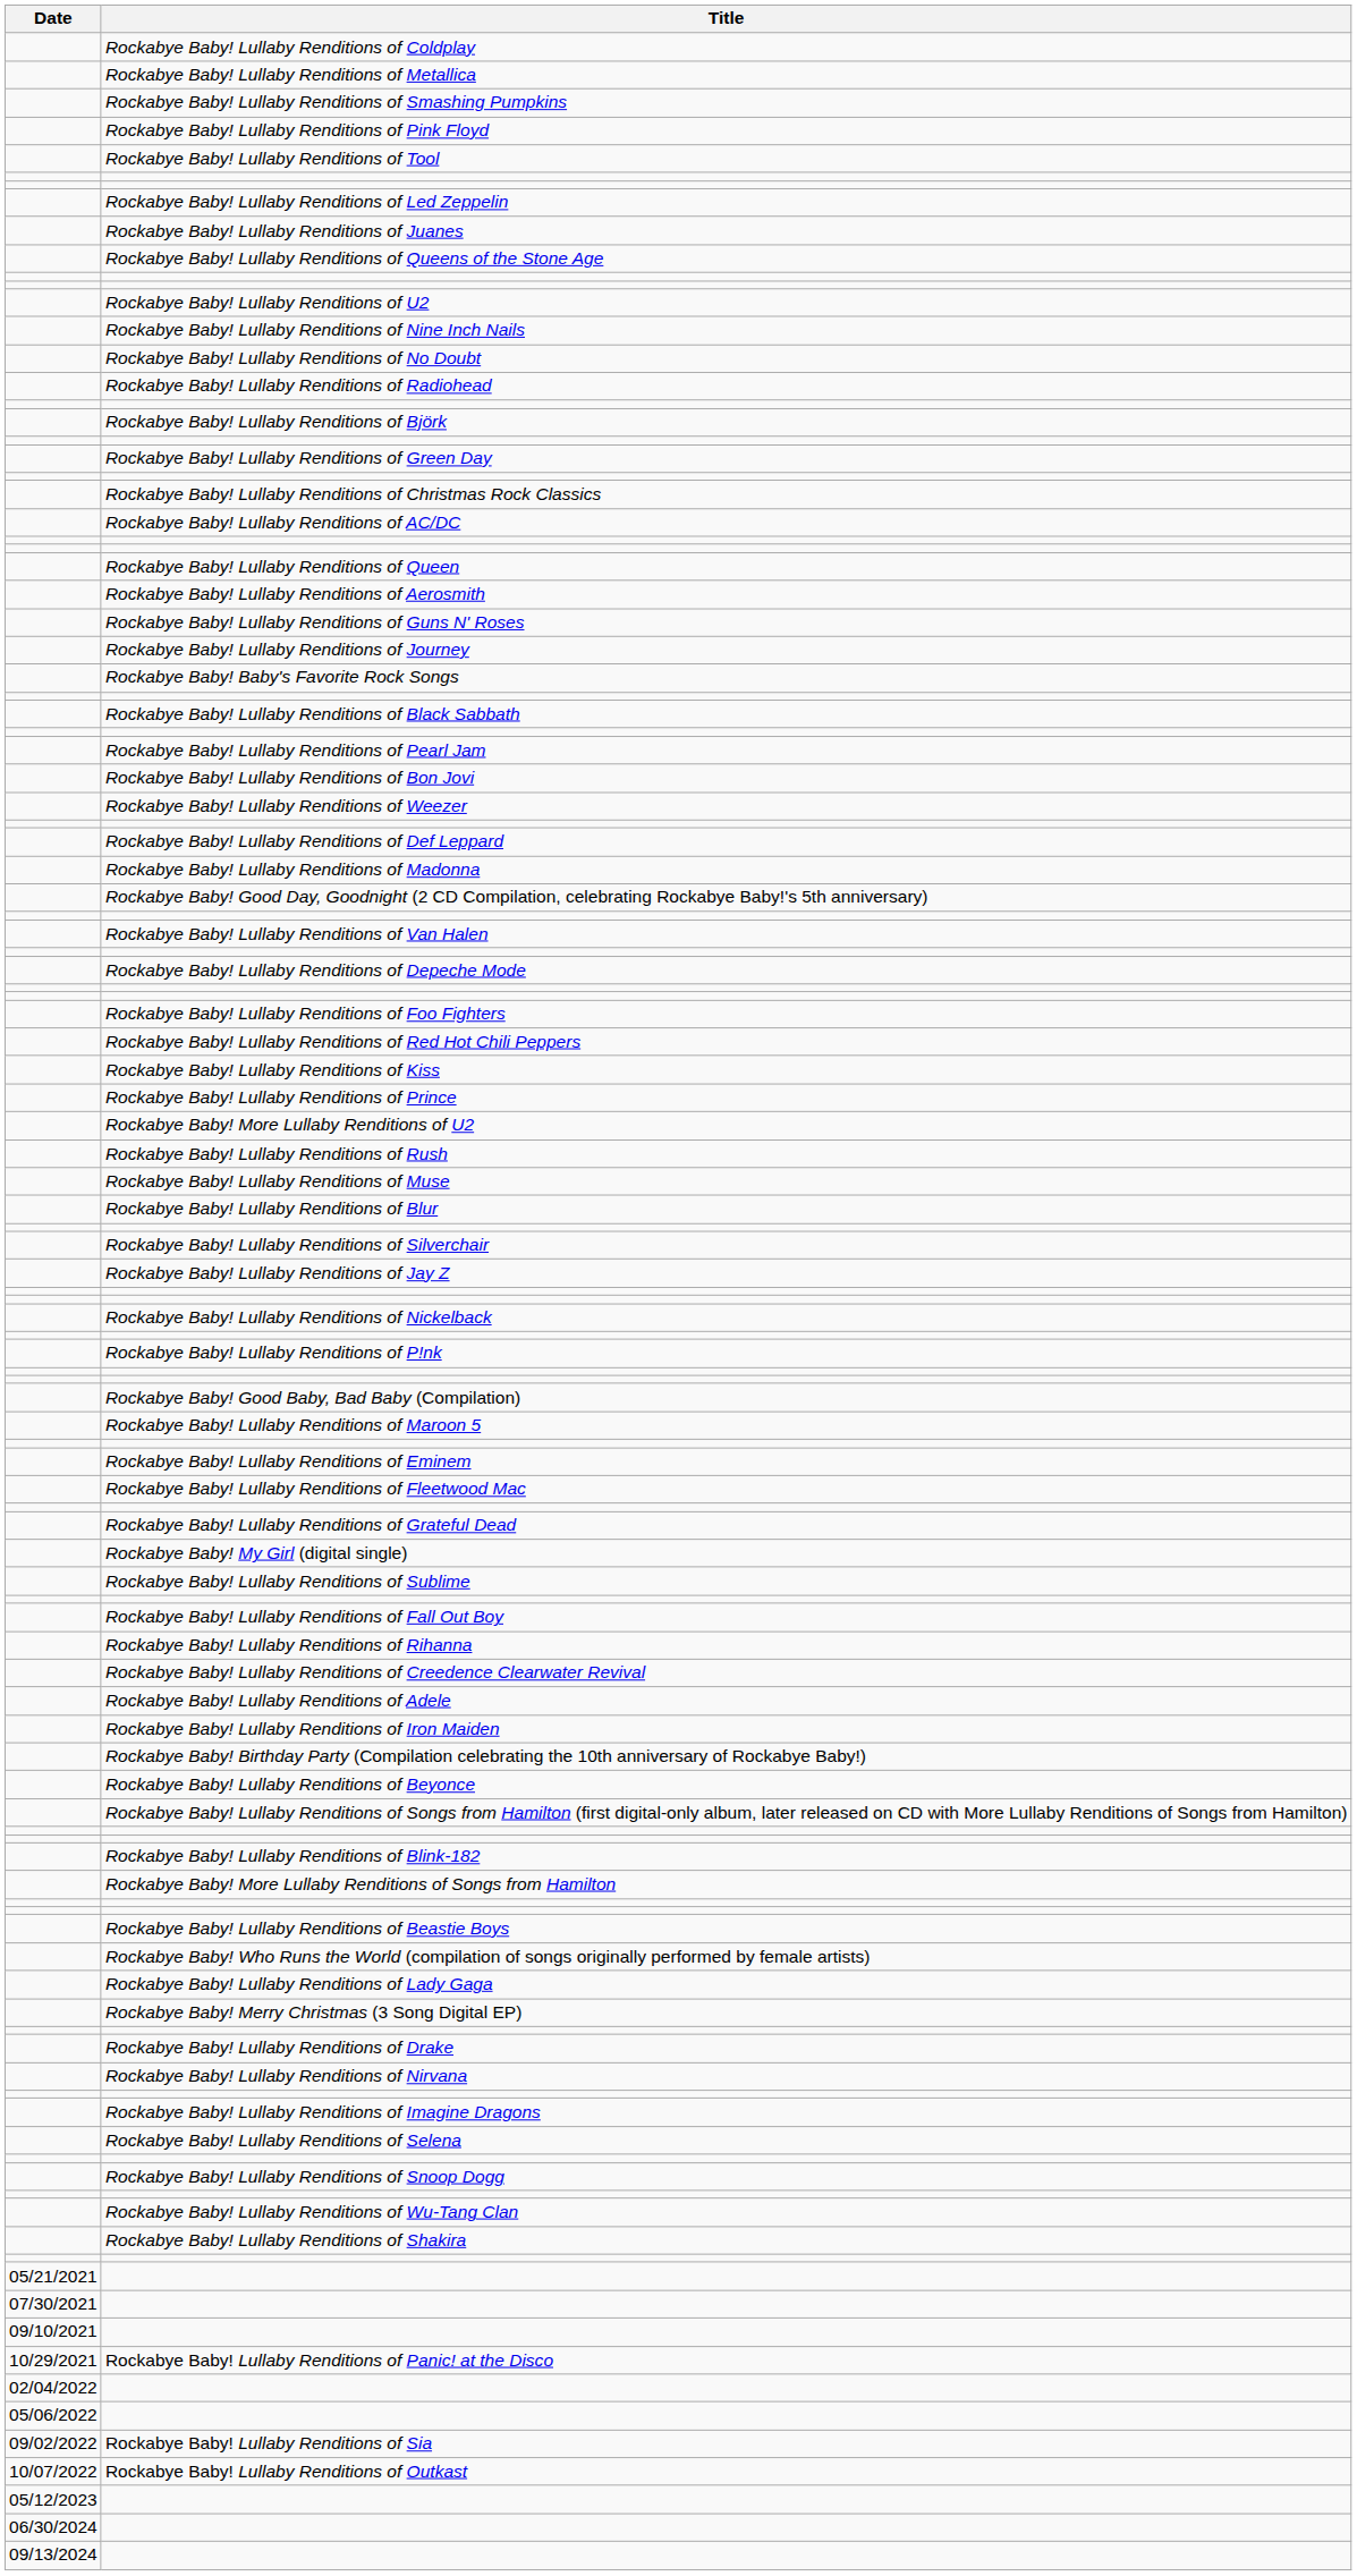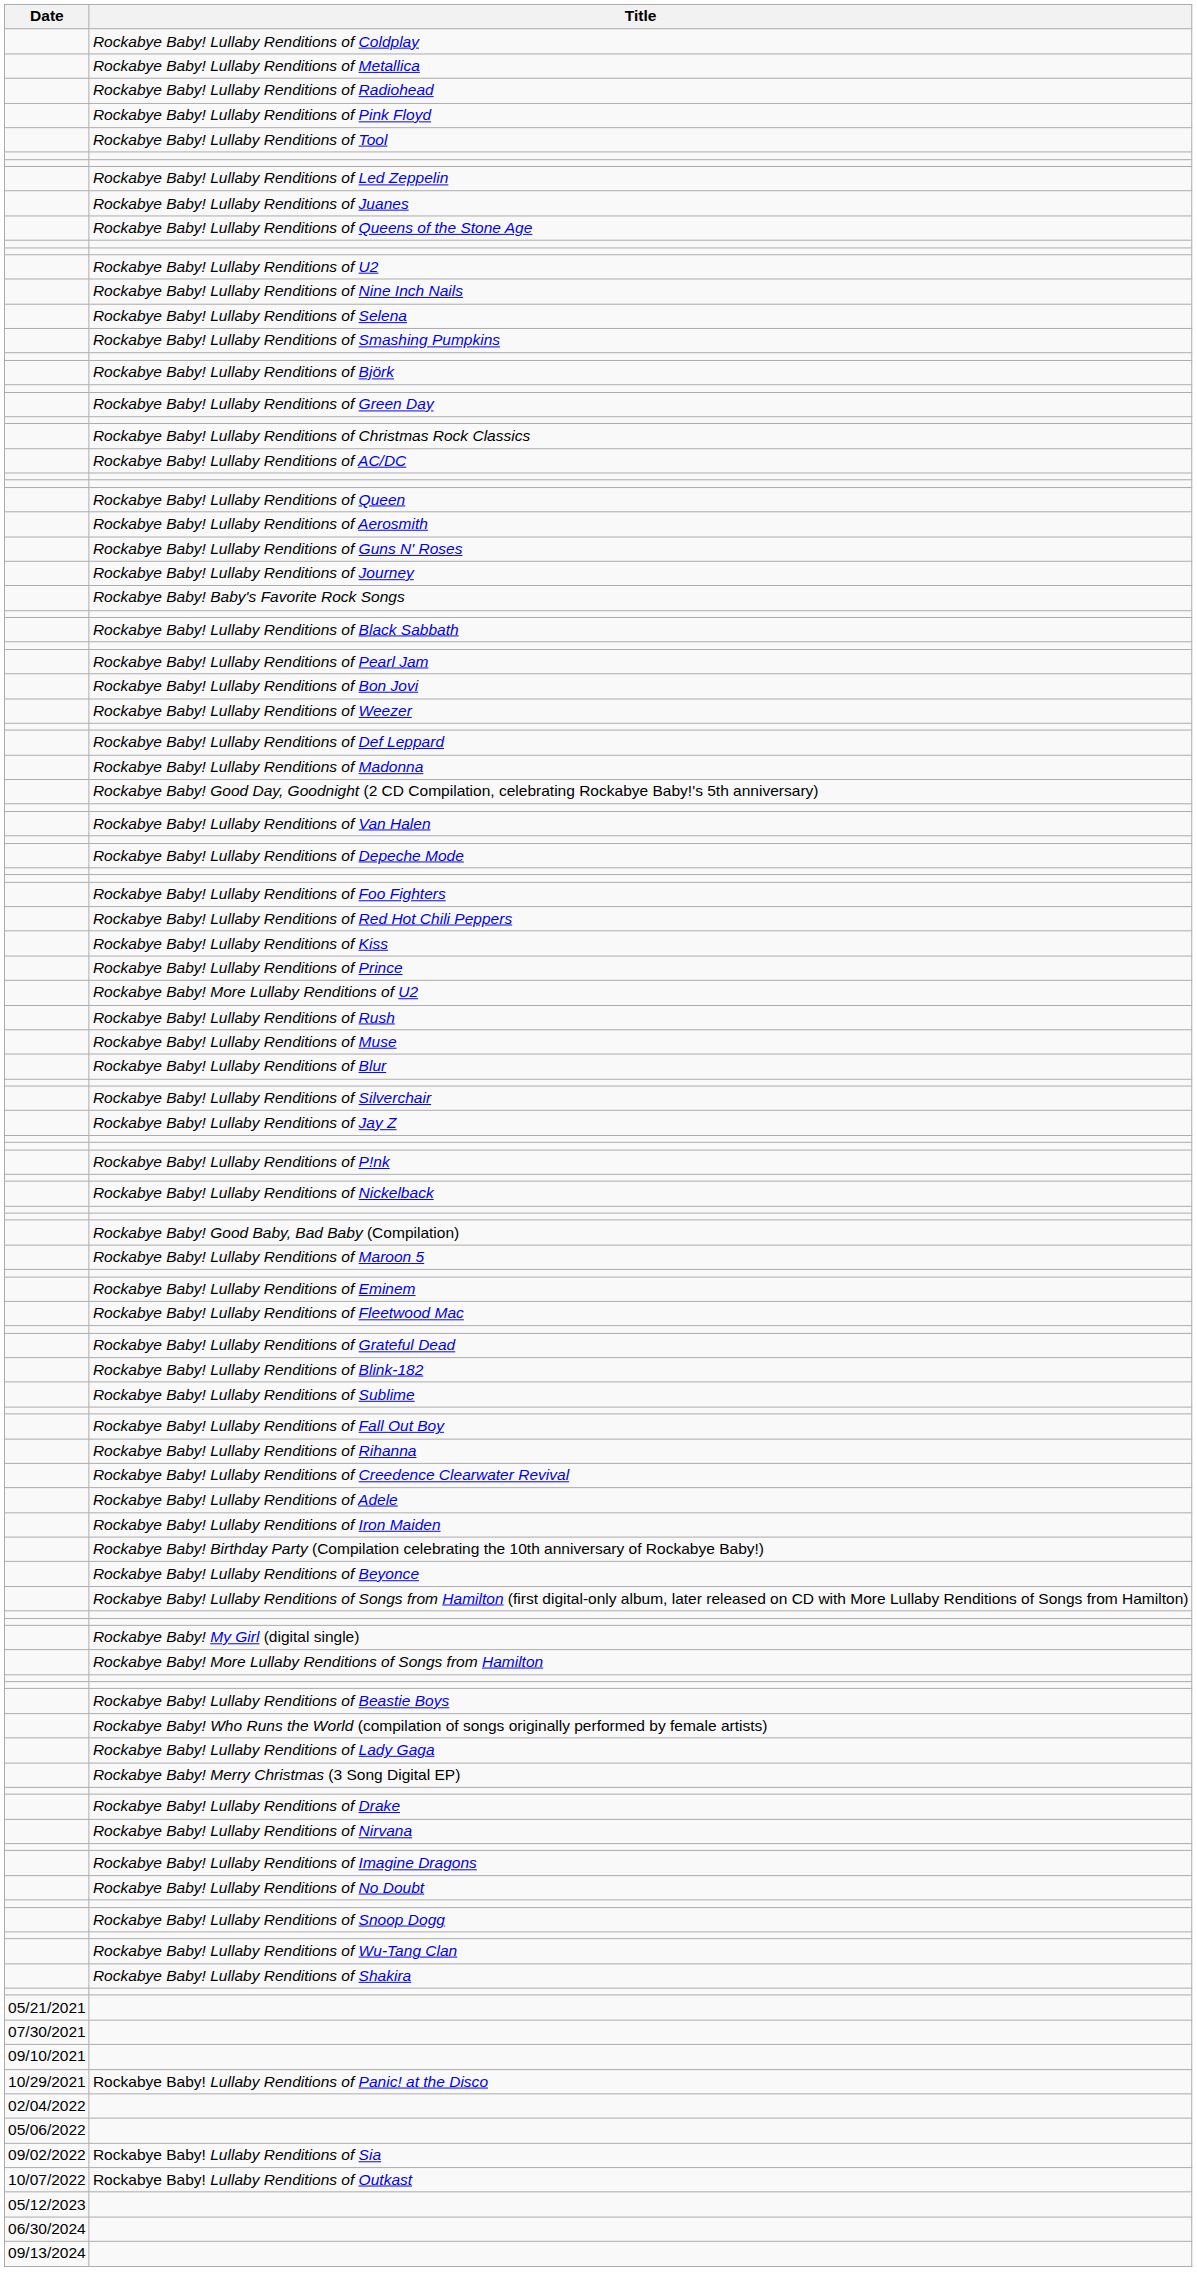 <table class="wikitable sortable">
 <tr>
 <th>Date</th>
 <th>Title</th>
 </tr>
 <tr>
 <td></td>
 <td><em>Rockabye Baby! Lullaby Renditions of <a href='#'>Coldplay</a></em></td>
 </tr>
 <tr>
 <td></td>
 <td><em>Rockabye Baby! Lullaby Renditions of <a href='#'>Metallica</a></em></td>
 </tr>
 <tr>
 <td></td>
-<td><em>Rockabye Baby! Lullaby Renditions of <a href='#'>Smashing Pumpkins</a></em></td>
+<td><em>Rockabye Baby! Lullaby Renditions of <a href='#'>Radiohead</a></em></td>
 </tr>
 <tr>
 <td></td>
 <td><em>Rockabye Baby! Lullaby Renditions of <a href='#'>Pink Floyd</a></em></td>
 </tr>
 <tr>
 <td></td>
 <td><em>Rockabye Baby! Lullaby Renditions of <a href='#'>Tool</a></em></td>
 </tr>
 <tr>
 <td></td>
 <td></td>
 </tr>
 <tr>
 <td></td>
 <td></td>
 </tr>
 <tr>
 <td></td>
 <td><em>Rockabye Baby! Lullaby Renditions of <a href='#'>Led Zeppelin</a></em></td>
 </tr>
 <tr>
 <td></td>
 <td><em>Rockabye Baby! Lullaby Renditions of <a href='#'>Juanes</a></em></td>
 </tr>
 <tr>
 <td></td>
 <td><em>Rockabye Baby! Lullaby Renditions of <a href='#'>Queens of the Stone Age</a></em></td>
 </tr>
 <tr>
 <td></td>
 <td></td>
 </tr>
 <tr>
 <td></td>
 <td></td>
 </tr>
 <tr>
 <td></td>
 <td><em>Rockabye Baby! Lullaby Renditions of <a href='#'>U2</a></em></td>
 </tr>
 <tr>
 <td></td>
 <td><em>Rockabye Baby! Lullaby Renditions of <a href='#'>Nine Inch Nails</a></em></td>
 </tr>
 <tr>
 <td></td>
-<td><em>Rockabye Baby! Lullaby Renditions of <a href='#'>No Doubt</a></em></td>
+<td><em>Rockabye Baby! Lullaby Renditions of <a href='#'>Selena</a></em></td>
 </tr>
 <tr>
 <td></td>
-<td><em>Rockabye Baby! Lullaby Renditions of <a href='#'>Radiohead</a></em></td>
+<td><em>Rockabye Baby! Lullaby Renditions of <a href='#'>Smashing Pumpkins</a></em></td>
 </tr>
 <tr>
 <td></td>
 <td></td>
 </tr>
 <tr>
 <td></td>
 <td><em>Rockabye Baby! Lullaby Renditions of <a href='#'>Björk</a></em></td>
 </tr>
 <tr>
 <td></td>
 <td></td>
 </tr>
 <tr>
 <td></td>
 <td><em>Rockabye Baby! Lullaby Renditions of <a href='#'>Green Day</a></em></td>
 </tr>
 <tr>
 <td></td>
 <td></td>
 </tr>
 <tr>
 <td></td>
 <td><em>Rockabye Baby! Lullaby Renditions of Christmas Rock Classics</em></td>
 </tr>
 <tr>
 <td></td>
 <td><em>Rockabye Baby! Lullaby Renditions of <a href='#'>AC/DC</a></em></td>
 </tr>
 <tr>
 <td></td>
 <td></td>
 </tr>
 <tr>
 <td></td>
 <td></td>
 </tr>
 <tr>
 <td></td>
 <td><em>Rockabye Baby! Lullaby Renditions of <a href='#'>Queen</a></em></td>
 </tr>
 <tr>
 <td></td>
 <td><em>Rockabye Baby! Lullaby Renditions of <a href='#'>Aerosmith</a></em></td>
 </tr>
 <tr>
 <td></td>
 <td><em>Rockabye Baby! Lullaby Renditions of <a href='#'>Guns N' Roses</a></em></td>
 </tr>
 <tr>
 <td></td>
 <td><em>Rockabye Baby! Lullaby Renditions of <a href='#'>Journey</a></em></td>
 </tr>
 <tr>
 <td></td>
 <td><em>Rockabye Baby! Baby's Favorite Rock Songs</em></td>
 </tr>
 <tr>
 <td></td>
 <td></td>
 </tr>
 <tr>
 <td></td>
 <td><em>Rockabye Baby! Lullaby Renditions of <a href='#'>Black Sabbath</a></em></td>
 </tr>
 <tr>
 <td></td>
 <td></td>
 </tr>
 <tr>
 <td></td>
 <td><em>Rockabye Baby! Lullaby Renditions of <a href='#'>Pearl Jam</a></em></td>
 </tr>
 <tr>
 <td></td>
 <td><em>Rockabye Baby! Lullaby Renditions of <a href='#'>Bon Jovi</a></em></td>
 </tr>
 <tr>
 <td></td>
 <td><em>Rockabye Baby! Lullaby Renditions of <a href='#'>Weezer</a></em></td>
 </tr>
 <tr>
 <td></td>
 <td></td>
 </tr>
 <tr>
 <td></td>
 <td><em>Rockabye Baby! Lullaby Renditions of <a href='#'>Def Leppard</a></em></td>
 </tr>
 <tr>
 <td></td>
 <td><em>Rockabye Baby! Lullaby Renditions of <a href='#'>Madonna</a></em></td>
 </tr>
 <tr>
 <td></td>
 <td><em>Rockabye Baby! Good Day, Goodnight</em> (2 CD Compilation, celebrating Rockabye Baby!'s 5th anniversary)</td>
 </tr>
 <tr>
 <td></td>
 <td></td>
 </tr>
 <tr>
 <td></td>
 <td><em>Rockabye Baby! Lullaby Renditions of <a href='#'>Van Halen</a></em></td>
 </tr>
 <tr>
 <td></td>
 <td></td>
 </tr>
 <tr>
 <td></td>
 <td><em>Rockabye Baby! Lullaby Renditions of <a href='#'>Depeche Mode</a></em></td>
 </tr>
 <tr>
 <td></td>
 <td></td>
 </tr>
 <tr>
 <td></td>
 <td></td>
 </tr>
 <tr>
 <td></td>
 <td><em>Rockabye Baby! Lullaby Renditions of <a href='#'>Foo Fighters</a></em></td>
 </tr>
 <tr>
 <td></td>
 <td><em>Rockabye Baby! Lullaby Renditions of <a href='#'>Red Hot Chili Peppers</a></em></td>
 </tr>
 <tr>
 <td></td>
 <td><em>Rockabye Baby! Lullaby Renditions of <a href='#'>Kiss</a></em></td>
 </tr>
 <tr>
 <td></td>
 <td><em>Rockabye Baby! Lullaby Renditions of <a href='#'>Prince</a></em></td>
 </tr>
 <tr>
 <td></td>
 <td><em>Rockabye Baby! More Lullaby Renditions of <a href='#'>U2</a></em></td>
 </tr>
 <tr>
 <td></td>
 <td><em>Rockabye Baby! Lullaby Renditions of <a href='#'>Rush</a></em></td>
 </tr>
 <tr>
 <td></td>
 <td><em>Rockabye Baby! Lullaby Renditions of <a href='#'>Muse</a></em></td>
 </tr>
 <tr>
 <td></td>
 <td><em>Rockabye Baby! Lullaby Renditions of <a href='#'>Blur</a></em></td>
 </tr>
 <tr>
 <td></td>
 <td></td>
 </tr>
 <tr>
 <td></td>
 <td><em>Rockabye Baby! Lullaby Renditions of <a href='#'>Silverchair</a></em></td>
 </tr>
 <tr>
 <td></td>
 <td><em>Rockabye Baby! Lullaby Renditions of <a href='#'>Jay Z</a></em></td>
 </tr>
 <tr>
 <td></td>
 <td></td>
 </tr>
 <tr>
 <td></td>
 <td></td>
 </tr>
 <tr>
 <td></td>
-<td><em>Rockabye Baby! Lullaby Renditions of <a href='#'>Nickelback</a></em></td>
+<td><em>Rockabye Baby! Lullaby Renditions of <a href='#'>P!nk</a></em></td>
 </tr>
 <tr>
 <td></td>
 <td></td>
 </tr>
 <tr>
 <td></td>
-<td><em>Rockabye Baby! Lullaby Renditions of <a href='#'>P!nk</a></em></td>
+<td><em>Rockabye Baby! Lullaby Renditions of <a href='#'>Nickelback</a></em></td>
 </tr>
 <tr>
 <td></td>
 <td></td>
 </tr>
 <tr>
 <td></td>
 <td></td>
 </tr>
 <tr>
 <td></td>
 <td><em>Rockabye Baby! Good Baby, Bad Baby</em> (Compilation)</td>
 </tr>
 <tr>
 <td></td>
 <td><em>Rockabye Baby! Lullaby Renditions of <a href='#'>Maroon 5</a></em></td>
 </tr>
 <tr>
 <td></td>
 <td></td>
 </tr>
 <tr>
 <td></td>
 <td><em>Rockabye Baby! Lullaby Renditions of <a href='#'>Eminem</a></em></td>
 </tr>
 <tr>
 <td></td>
 <td><em>Rockabye Baby! Lullaby Renditions of <a href='#'>Fleetwood Mac</a></em></td>
 </tr>
 <tr>
 <td></td>
 <td></td>
 </tr>
 <tr>
 <td></td>
 <td><em>Rockabye Baby! Lullaby Renditions of <a href='#'>Grateful Dead</a></em></td>
 </tr>
 <tr>
 <td></td>
-<td><em>Rockabye Baby! <a href='#'>My Girl</a></em> (digital single)</td>
+<td><em>Rockabye Baby! Lullaby Renditions of <a href='#'>Blink-182</a></em></td>
 </tr>
 <tr>
 <td></td>
 <td><em>Rockabye Baby! Lullaby Renditions of <a href='#'>Sublime</a></em></td>
 </tr>
 <tr>
 <td></td>
 <td></td>
 </tr>
 <tr>
 <td></td>
 <td><em>Rockabye Baby! Lullaby Renditions of <a href='#'>Fall Out Boy</a></em></td>
 </tr>
 <tr>
 <td></td>
 <td><em>Rockabye Baby! Lullaby Renditions of <a href='#'>Rihanna</a></em></td>
 </tr>
 <tr>
 <td></td>
 <td><em>Rockabye Baby! Lullaby Renditions of <a href='#'>Creedence Clearwater Revival</a></em></td>
 </tr>
 <tr>
 <td></td>
 <td><em>Rockabye Baby! Lullaby Renditions of <a href='#'>Adele</a></em></td>
 </tr>
 <tr>
 <td></td>
 <td><em>Rockabye Baby! Lullaby Renditions of <a href='#'>Iron Maiden</a></em></td>
 </tr>
 <tr>
 <td></td>
 <td><em>Rockabye Baby! Birthday Party</em> (Compilation celebrating the 10th anniversary of Rockabye Baby!)</td>
 </tr>
 <tr>
 <td></td>
 <td><em>Rockabye Baby! Lullaby Renditions of <a href='#'>Beyonce</a></em></td>
 </tr>
 <tr>
 <td></td>
 <td><em>Rockabye Baby! Lullaby Renditions of Songs from <a href='#'>Hamilton</a></em> (first digital-only album, later released on CD with More Lullaby Renditions of Songs from Hamilton)</td>
 </tr>
 <tr>
 <td></td>
 <td></td>
 </tr>
 <tr>
 <td></td>
 <td></td>
 </tr>
 <tr>
 <td></td>
-<td><em>Rockabye Baby! Lullaby Renditions of <a href='#'>Blink-182</a></em></td>
+<td><em>Rockabye Baby! <a href='#'>My Girl</a></em> (digital single)</td>
 </tr>
 <tr>
 <td></td>
 <td><em>Rockabye Baby! More Lullaby Renditions of Songs from <a href='#'>Hamilton</a></em></td>
 </tr>
 <tr>
 <td></td>
 <td></td>
 </tr>
 <tr>
 <td></td>
 <td></td>
 </tr>
 <tr>
 <td></td>
 <td><em>Rockabye Baby! Lullaby Renditions of <a href='#'>Beastie Boys</a></em></td>
 </tr>
 <tr>
 <td></td>
 <td><em>Rockabye Baby! Who Runs the World</em> (compilation of songs originally performed by female artists)</td>
 </tr>
 <tr>
 <td></td>
 <td><em>Rockabye Baby! Lullaby Renditions of <a href='#'>Lady Gaga</a></em></td>
 </tr>
 <tr>
 <td></td>
 <td><em>Rockabye Baby! Merry Christmas</em> (3 Song Digital EP)</td>
 </tr>
 <tr>
 <td></td>
 <td></td>
 </tr>
 <tr>
 <td></td>
 <td><em>Rockabye Baby! Lullaby Renditions of <a href='#'>Drake</a></em></td>
 </tr>
 <tr>
 <td></td>
 <td><em>Rockabye Baby! Lullaby Renditions of <a href='#'>Nirvana</a></em></td>
 </tr>
 <tr>
 <td></td>
 <td></td>
 </tr>
 <tr>
 <td></td>
 <td><em>Rockabye Baby! Lullaby Renditions of <a href='#'>Imagine Dragons</a></em></td>
 </tr>
 <tr>
 <td></td>
-<td><em>Rockabye Baby! Lullaby Renditions of <a href='#'>Selena</a></em></td>
+<td><em>Rockabye Baby! Lullaby Renditions of <a href='#'>No Doubt</a></em></td>
 </tr>
 <tr>
 <td></td>
 <td></td>
 </tr>
 <tr>
 <td></td>
 <td><em>Rockabye Baby! Lullaby Renditions of <a href='#'>Snoop Dogg</a></em></td>
 </tr>
 <tr>
 <td></td>
 <td></td>
 </tr>
 <tr>
 <td></td>
 <td><em>Rockabye Baby! Lullaby Renditions of <a href='#'>Wu-Tang Clan</a></em></td>
 </tr>
 <tr>
 <td></td>
 <td><em>Rockabye Baby! Lullaby Renditions of <a href='#'>Shakira</a></em></td>
 </tr>
 <tr>
 <td></td>
 <td></td>
 </tr>
 <tr>
 <td>05/21/2021</td>
 <td></td>
 </tr>
 <tr>
 <td>07/30/2021</td>
 <td></td>
 </tr>
 <tr>
 <td>09/10/2021</td>
 <td></td>
 </tr>
 <tr>
 <td>10/29/2021</td>
 <td>Rockabye Baby! <em>Lullaby Renditions of <a href='#'>Panic! at the Disco</a></em></td>
 </tr>
 <tr>
 <td>02/04/2022</td>
 <td></td>
 </tr>
 <tr>
 <td>05/06/2022</td>
 <td></td>
 </tr>
 <tr>
 <td>09/02/2022</td>
 <td>Rockabye Baby! <em>Lullaby Renditions of <a href='#'>Sia</a></em></td>
 </tr>
 <tr>
 <td>10/07/2022</td>
 <td>Rockabye Baby! <em>Lullaby Renditions of <a href='#'>Outkast</a></em></td>
 </tr>
 <tr>
 <td>05/12/2023</td>
 <td></td>
 </tr>
 <tr>
 <td>06/30/2024</td>
 <td></td>
 </tr>
 <tr>
 <td>09/13/2024</td>
 <td></td>
 </tr>
 </table>
